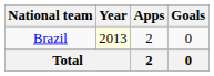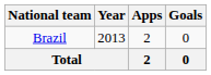 <table class="wikitable" style="text-align:center">
 <tr>
 <th>National team</th>
 <th>Year</th>
 <th>Apps</th>
 <th>Goals</th>
 </tr>
 <tr>
 <td rowspan="1"><a href='#'>Brazil</a></td>
-<td style="background: lightyellow;">2013</td>
+<td>2013</td>
 <td>2</td>
 <td>0</td>
 </tr>
 <tr>
 <th colspan="2">Total</th>
 <th>2</th>
 <th>0</th>
 </tr>
 </table>
